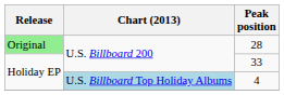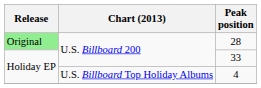 <table class="wikitable sortable">
 <tr>
 <th>Release</th>
 <th align="left">Chart (2013)</th>
 <th align="left">Peak<br>position</th>
 </tr>
 <tr>
 <td style="background: lightgreen;">Original</td>
 <td rowspan="2" align="left">U.S. <a href='#'><em>Billboard</em> 200</a></td>
 <td align="center">28</td>
 </tr>
 <tr>
 <td rowspan="2">Holiday EP</td>
 <td align="center">33</td>
 </tr>
 <tr>
-<td style="background: lightblue;">U.S. <a href='#'><em>Billboard</em> Top Holiday Albums</a></td>
+<td>U.S. <a href='#'><em>Billboard</em> Top Holiday Albums</a></td>
 <td align="center">4</td>
 </tr>
 <tr>
 </tr>
 </table>
